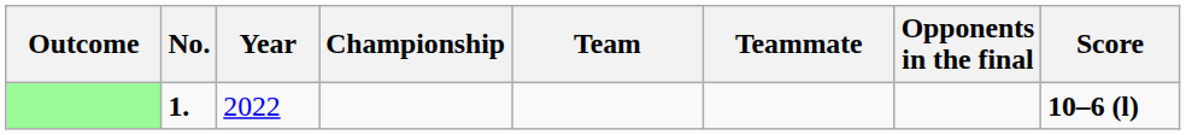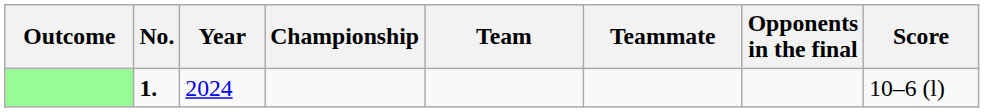 <table class="sortable wikitable">
 <tr>
 <th style="width:80px;">Outcome</th>
 <th style="width:20px;">No.</th>
 <th style="width:50px;">Year</th>
 <th style="width:60px;">Championship</th>
 <th style="width:100px;">Team</th>
 <th style="width:100px;">Teammate</th>
 <th style="width:60px;">Opponents in the final</th>
 <th style="width:70px;">Score</th>
 </tr>
 <tr style=>
 <td style="background:#98FB98"></td>
 <td><strong>1.</strong></td>
-<td><a href='#'>2022</a></td>
+<td><a href='#'>2024</a></td>
 <td></td>
 <td></td>
 <td></td>
 <td></td>
-<td><strong>10–6 (l)</strong></td>
+<td>10–6 (l)</td>
 </tr>
 </table>
